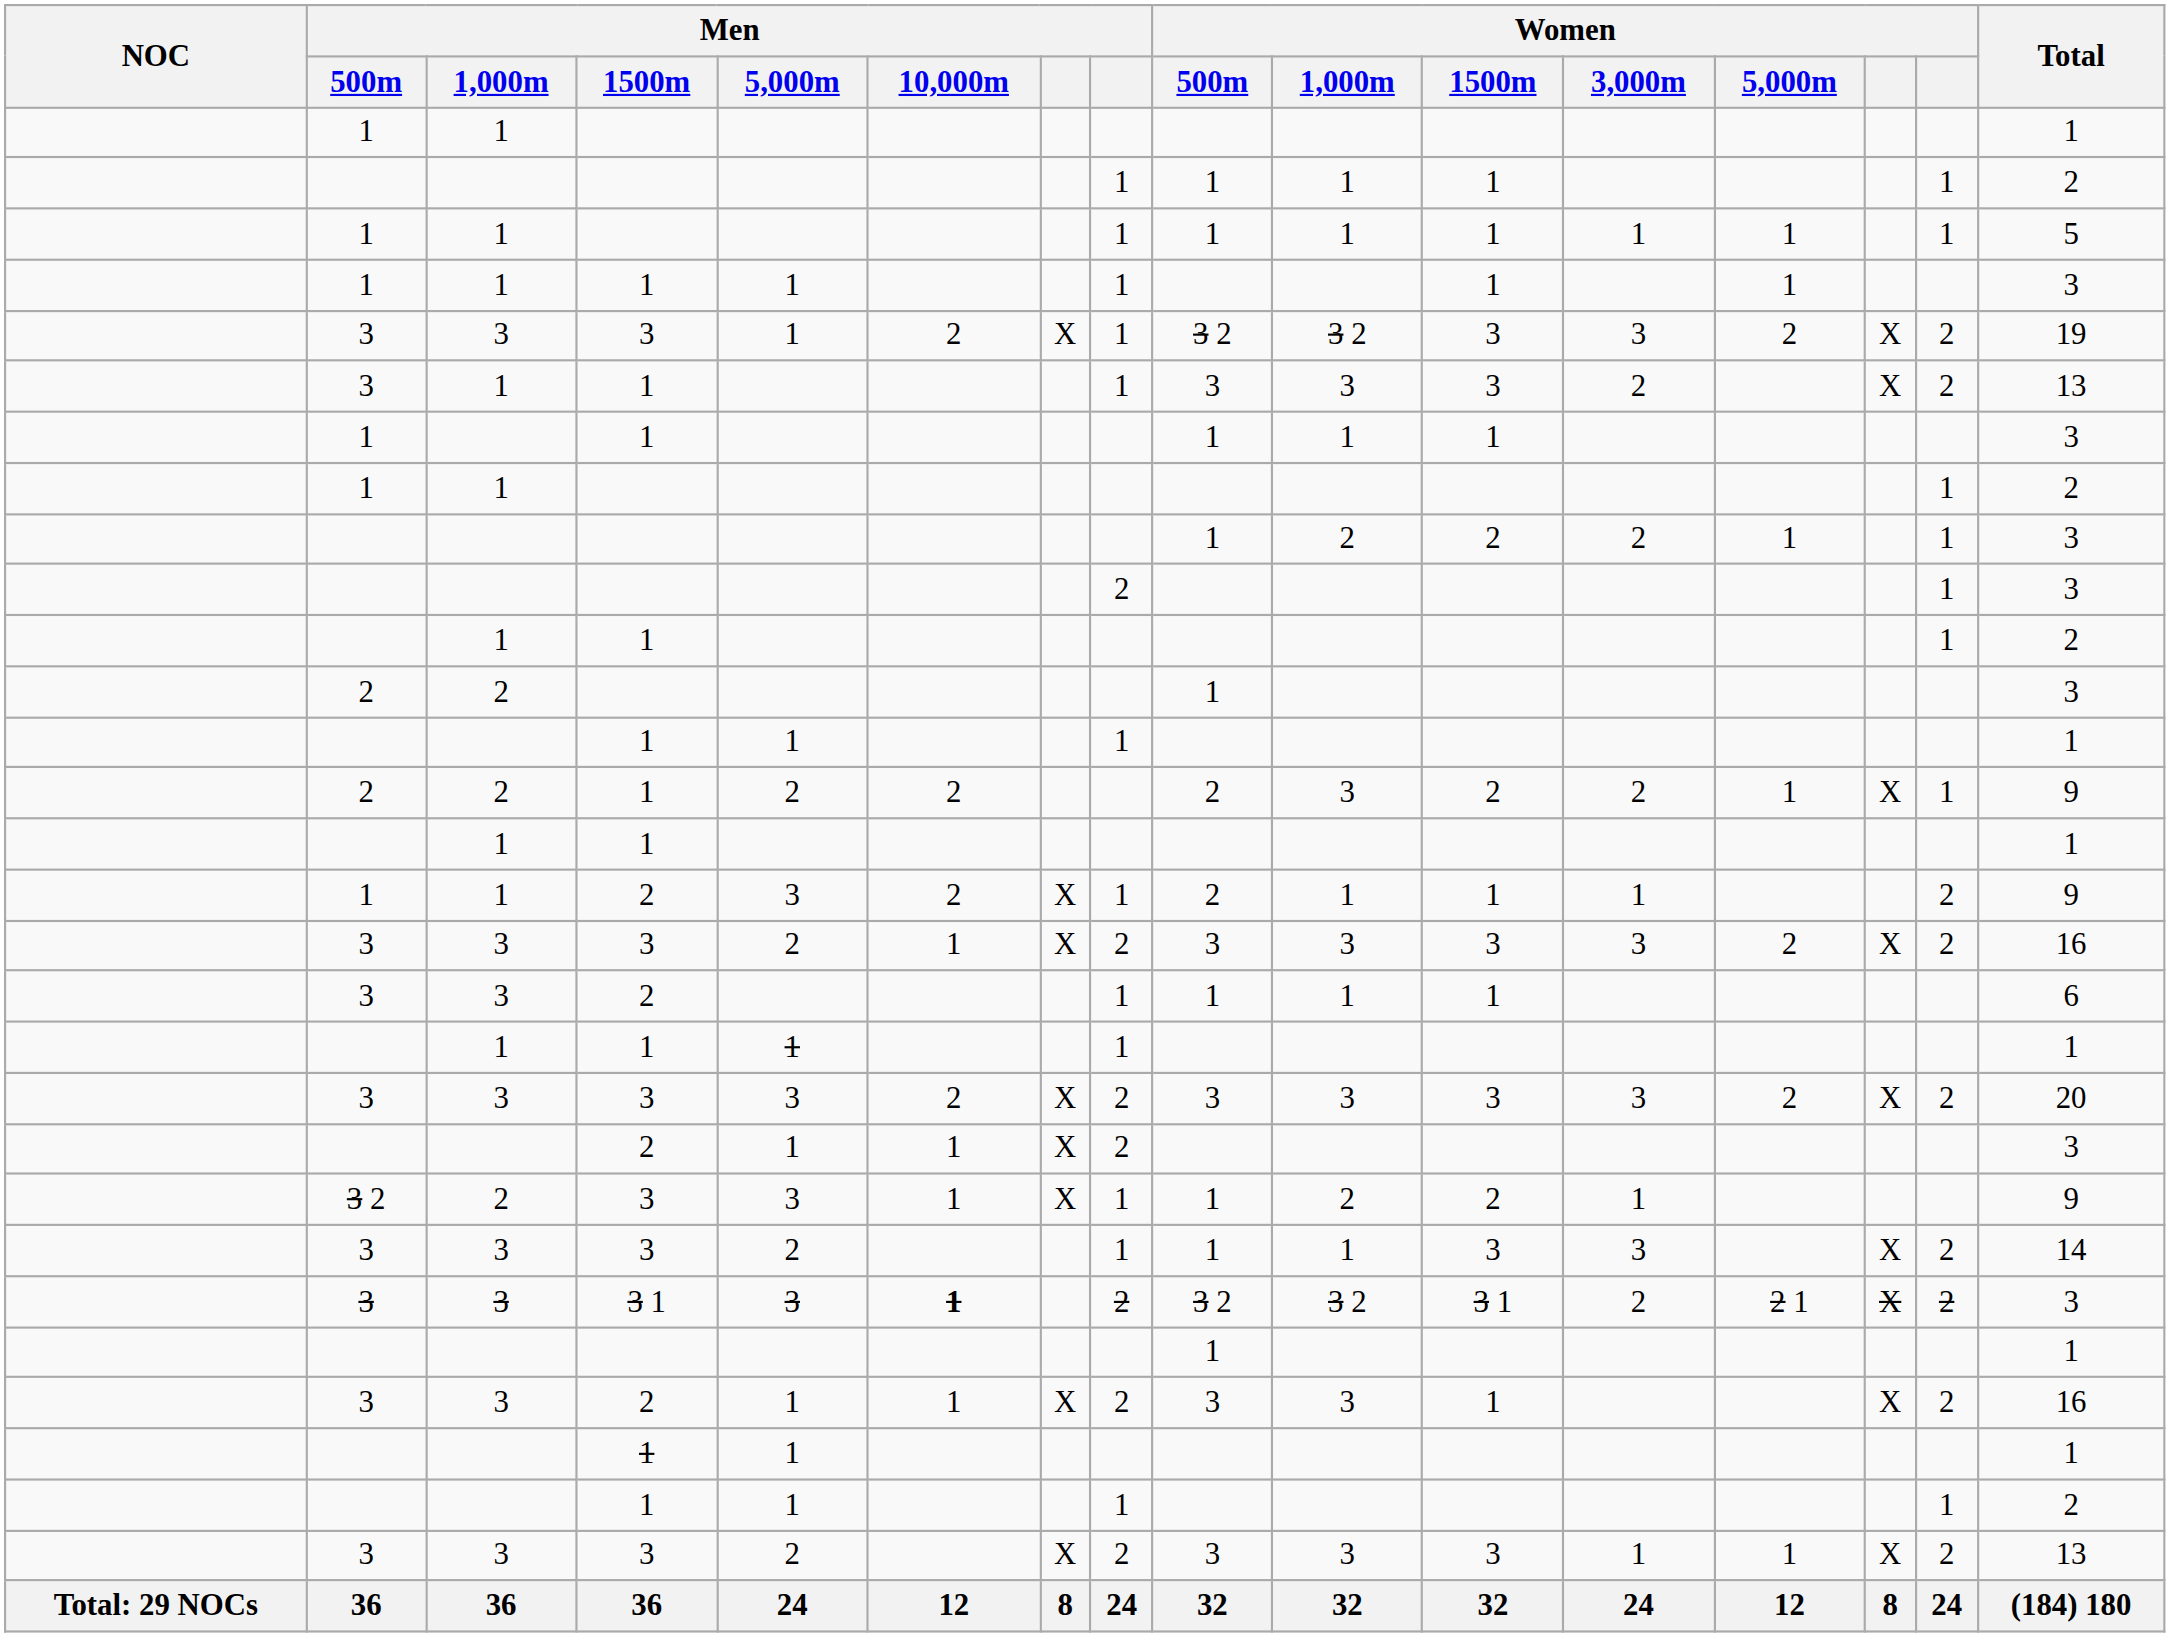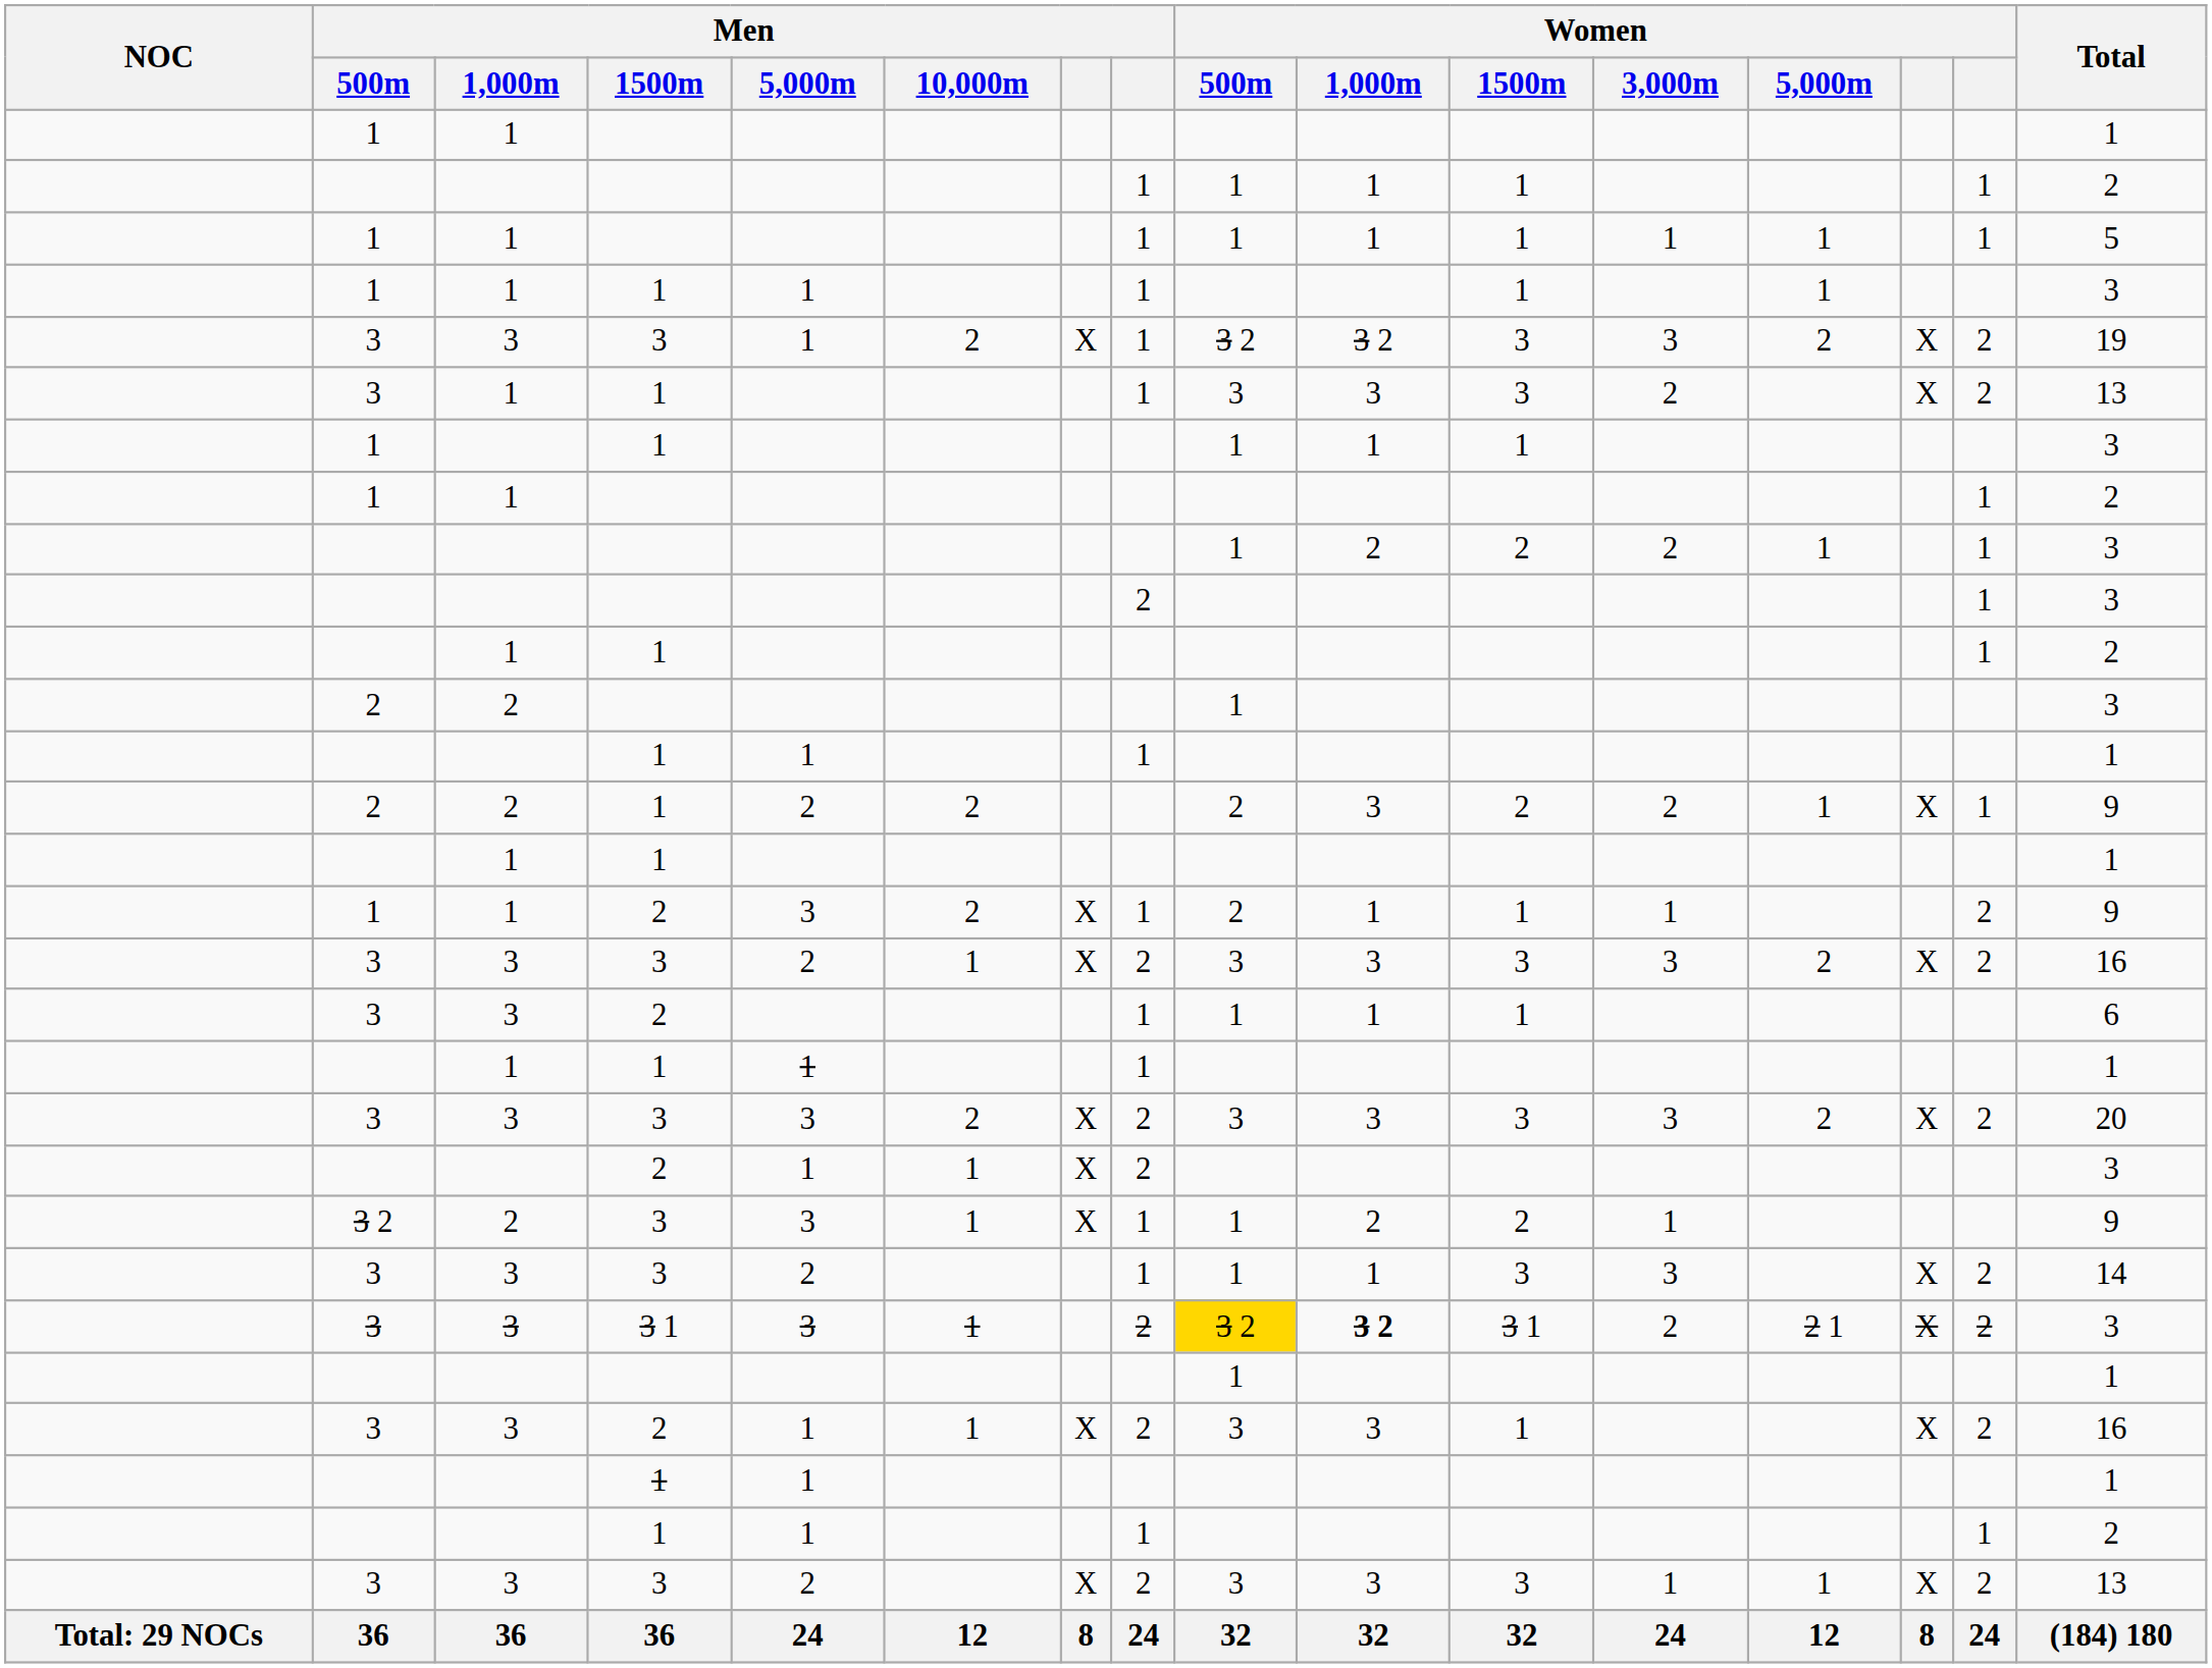 <table class="wikitable" width=1010 style="text-align:center; font-size:90%">
 <tr>
 <th rowspan="2" align="left">NOC</th>
 <th colspan="7">Men</th>
 <th colspan="7">Women</th>
 <th rowspan="2">Total</th>
 </tr>
 <tr>
 <th><a href='#'>500m</a></th>
 <th><a href='#'>1,000m</a></th>
 <th><a href='#'>1500m</a></th>
 <th><a href='#'>5,000m</a></th>
 <th><a href='#'>10,000m</a></th>
 <th></th>
 <th></th>
 <th><a href='#'>500m</a></th>
 <th><a href='#'>1,000m</a></th>
 <th><a href='#'>1500m</a></th>
 <th><a href='#'>3,000m</a></th>
 <th><a href='#'>5,000m</a></th>
 <th></th>
 <th></th>
 </tr>
 <tr>
 <td align=left></td>
 <td>1</td>
 <td>1</td>
 <td></td>
 <td></td>
 <td></td>
 <td></td>
 <td></td>
 <td></td>
 <td></td>
 <td></td>
 <td></td>
 <td></td>
 <td></td>
 <td></td>
 <td>1</td>
 </tr>
 <tr>
 <td align=left></td>
 <td></td>
 <td></td>
 <td></td>
 <td></td>
 <td></td>
 <td></td>
 <td>1</td>
 <td>1</td>
 <td>1</td>
 <td>1</td>
 <td></td>
 <td></td>
 <td></td>
 <td>1</td>
 <td>2</td>
 </tr>
 <tr>
 <td align=left></td>
 <td>1</td>
 <td>1</td>
 <td></td>
 <td></td>
 <td></td>
 <td></td>
 <td>1</td>
 <td>1</td>
 <td>1</td>
 <td>1</td>
 <td>1</td>
 <td>1</td>
 <td></td>
 <td>1</td>
 <td>5</td>
 </tr>
 <tr>
 <td align=left></td>
 <td>1</td>
 <td>1</td>
 <td>1</td>
 <td>1</td>
 <td></td>
 <td></td>
 <td>1</td>
 <td></td>
 <td></td>
 <td>1</td>
 <td></td>
 <td>1</td>
 <td></td>
 <td></td>
 <td>3</td>
 </tr>
 <tr>
 <td align=left></td>
 <td>3</td>
 <td>3</td>
 <td>3</td>
 <td>1</td>
 <td>2</td>
 <td>X</td>
 <td>1</td>
 <td><s>3</s> 2</td>
 <td><s>3</s> 2</td>
 <td>3</td>
 <td>3</td>
 <td>2</td>
 <td>X</td>
 <td>2</td>
 <td>19</td>
 </tr>
 <tr>
 <td align=left></td>
 <td>3</td>
 <td>1</td>
 <td>1</td>
 <td></td>
 <td></td>
 <td></td>
 <td>1</td>
 <td>3</td>
 <td>3</td>
 <td>3</td>
 <td>2</td>
 <td></td>
 <td>X</td>
 <td>2</td>
 <td>13</td>
 </tr>
 <tr>
 <td align=left></td>
 <td>1</td>
 <td></td>
 <td>1</td>
 <td></td>
 <td></td>
 <td></td>
 <td></td>
 <td>1</td>
 <td>1</td>
 <td>1</td>
 <td></td>
 <td></td>
 <td></td>
 <td></td>
 <td>3</td>
 </tr>
 <tr>
 <td align=left></td>
 <td>1</td>
 <td>1</td>
 <td></td>
 <td></td>
 <td></td>
 <td></td>
 <td></td>
 <td></td>
 <td></td>
 <td></td>
 <td></td>
 <td></td>
 <td></td>
 <td>1</td>
 <td>2</td>
 </tr>
 <tr>
 <td align=left></td>
 <td></td>
 <td></td>
 <td></td>
 <td></td>
 <td></td>
 <td></td>
 <td></td>
 <td>1</td>
 <td>2</td>
 <td>2</td>
 <td>2</td>
 <td>1</td>
 <td></td>
 <td>1</td>
 <td>3</td>
 </tr>
 <tr>
 <td align=left></td>
 <td></td>
 <td></td>
 <td></td>
 <td></td>
 <td></td>
 <td></td>
 <td>2</td>
 <td></td>
 <td></td>
 <td></td>
 <td></td>
 <td></td>
 <td></td>
 <td>1</td>
 <td>3</td>
 </tr>
 <tr>
 <td align=left></td>
 <td></td>
 <td>1</td>
 <td>1</td>
 <td></td>
 <td></td>
 <td></td>
 <td></td>
 <td></td>
 <td></td>
 <td></td>
 <td></td>
 <td></td>
 <td></td>
 <td>1</td>
 <td>2</td>
 </tr>
 <tr>
 <td align=left></td>
 <td>2</td>
 <td>2</td>
 <td></td>
 <td></td>
 <td></td>
 <td></td>
 <td></td>
 <td>1</td>
 <td></td>
 <td></td>
 <td></td>
 <td></td>
 <td></td>
 <td></td>
 <td>3</td>
 </tr>
 <tr>
 <td align=left></td>
 <td></td>
 <td></td>
 <td>1</td>
 <td>1</td>
 <td></td>
 <td></td>
 <td>1</td>
 <td></td>
 <td></td>
 <td></td>
 <td></td>
 <td></td>
 <td></td>
 <td></td>
 <td>1</td>
 </tr>
 <tr>
 <td align=left></td>
 <td>2</td>
 <td>2</td>
 <td>1</td>
 <td>2</td>
 <td>2</td>
 <td></td>
 <td></td>
 <td>2</td>
 <td>3</td>
 <td>2</td>
 <td>2</td>
 <td>1</td>
 <td>X</td>
 <td>1</td>
 <td>9</td>
 </tr>
 <tr>
 <td align=left></td>
 <td></td>
 <td>1</td>
 <td>1</td>
 <td></td>
 <td></td>
 <td></td>
 <td></td>
 <td></td>
 <td></td>
 <td></td>
 <td></td>
 <td></td>
 <td></td>
 <td></td>
 <td>1</td>
 </tr>
 <tr>
 <td align=left></td>
 <td>1</td>
 <td>1</td>
 <td>2</td>
 <td>3</td>
 <td>2</td>
 <td>X</td>
 <td>1</td>
 <td>2</td>
 <td>1</td>
 <td>1</td>
 <td>1</td>
 <td></td>
 <td></td>
 <td>2</td>
 <td>9</td>
 </tr>
 <tr>
 <td align=left></td>
 <td>3</td>
 <td>3</td>
 <td>3</td>
 <td>2</td>
 <td>1</td>
 <td>X</td>
 <td>2</td>
 <td>3</td>
 <td>3</td>
 <td>3</td>
 <td>3</td>
 <td>2</td>
 <td>X</td>
 <td>2</td>
 <td>16</td>
 </tr>
 <tr>
 <td align=left></td>
 <td>3</td>
 <td>3</td>
 <td>2</td>
 <td></td>
 <td></td>
 <td></td>
 <td>1</td>
 <td>1</td>
 <td>1</td>
 <td>1</td>
 <td></td>
 <td></td>
 <td></td>
 <td></td>
 <td>6</td>
 </tr>
 <tr>
 <td align=left></td>
 <td></td>
 <td>1</td>
 <td>1</td>
 <td><s>1</s></td>
 <td></td>
 <td></td>
 <td>1</td>
 <td></td>
 <td></td>
 <td></td>
 <td></td>
 <td></td>
 <td></td>
 <td></td>
 <td>1</td>
 </tr>
 <tr>
 <td align=left></td>
 <td>3</td>
 <td>3</td>
 <td>3</td>
 <td>3</td>
 <td>2</td>
 <td>X</td>
 <td>2</td>
 <td>3</td>
 <td>3</td>
 <td>3</td>
 <td>3</td>
 <td>2</td>
 <td>X</td>
 <td>2</td>
 <td>20</td>
 </tr>
 <tr>
 <td align=left></td>
 <td></td>
 <td></td>
 <td>2</td>
 <td>1</td>
 <td>1</td>
 <td>X</td>
 <td>2</td>
 <td></td>
 <td></td>
 <td></td>
 <td></td>
 <td></td>
 <td></td>
 <td></td>
 <td>3</td>
 </tr>
 <tr>
 <td align=left></td>
 <td><s>3</s> 2</td>
 <td>2</td>
 <td>3</td>
 <td>3</td>
 <td>1</td>
 <td>X</td>
 <td>1</td>
 <td>1</td>
 <td>2</td>
 <td>2</td>
 <td>1</td>
 <td></td>
 <td></td>
 <td></td>
 <td>9</td>
 </tr>
 <tr>
 <td align=left></td>
 <td>3</td>
 <td>3</td>
 <td>3</td>
 <td>2</td>
 <td></td>
 <td></td>
 <td>1</td>
 <td>1</td>
 <td>1</td>
 <td>3</td>
 <td>3</td>
 <td></td>
 <td>X</td>
 <td>2</td>
 <td>14</td>
 </tr>
 <tr>
 <td align=left></td>
 <td><s>3</s></td>
 <td><s>3</s></td>
 <td><s>3</s> 1</td>
 <td><s>3</s></td>
-<td><strong><s>1</s></strong></td>
+<td><s>1</s></td>
 <td></td>
 <td><s>2</s></td>
-<td><s>3</s> 2</td>
-<td><s>3</s> 2</td>
+<td style="background: gold;"><s>3</s> 2</td>
+<td><strong><s>3</s> 2</strong></td>
 <td><s>3</s> 1</td>
 <td>2</td>
 <td><s>2</s> 1</td>
 <td><s>X</s></td>
 <td><s>2</s></td>
 <td>3</td>
 </tr>
 <tr>
 <td align=left></td>
 <td></td>
 <td></td>
 <td></td>
 <td></td>
 <td></td>
 <td></td>
 <td></td>
 <td>1</td>
 <td></td>
 <td></td>
 <td></td>
 <td></td>
 <td></td>
 <td></td>
 <td>1</td>
 </tr>
 <tr>
 <td align=left></td>
 <td>3</td>
 <td>3</td>
 <td>2</td>
 <td>1</td>
 <td>1</td>
 <td>X</td>
 <td>2</td>
 <td>3</td>
 <td>3</td>
 <td>1</td>
 <td></td>
 <td></td>
 <td>X</td>
 <td>2</td>
 <td>16</td>
 </tr>
 <tr>
 <td align=left></td>
 <td></td>
 <td></td>
 <td><s>1</s></td>
 <td>1</td>
 <td></td>
 <td></td>
 <td></td>
 <td></td>
 <td></td>
 <td></td>
 <td></td>
 <td></td>
 <td></td>
 <td></td>
 <td>1</td>
 </tr>
 <tr>
 <td align=left></td>
 <td></td>
 <td></td>
 <td>1</td>
 <td>1</td>
 <td></td>
 <td></td>
 <td>1</td>
 <td></td>
 <td></td>
 <td></td>
 <td></td>
 <td></td>
 <td></td>
 <td>1</td>
 <td>2</td>
 </tr>
 <tr>
 <td align=left></td>
 <td>3</td>
 <td>3</td>
 <td>3</td>
 <td>2</td>
 <td></td>
 <td>X</td>
 <td>2</td>
 <td>3</td>
 <td>3</td>
 <td>3</td>
 <td>1</td>
 <td>1</td>
 <td>X</td>
 <td>2</td>
 <td>13</td>
 </tr>
 <tr>
 <th>Total: 29 NOCs</th>
 <th>36</th>
 <th>36</th>
 <th>36</th>
 <th>24</th>
 <th>12</th>
 <th>8</th>
 <th>24</th>
 <th>32</th>
 <th>32</th>
 <th>32</th>
 <th>24</th>
 <th>12</th>
 <th>8</th>
 <th>24</th>
 <th>(184) 180</th>
 </tr>
 </table>
